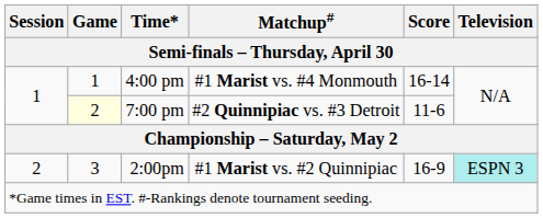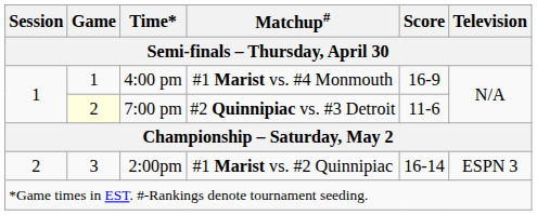 <table class="wikitable" style="font-size: 95%">
 <tr>
 <th>Session</th>
 <th>Game</th>
 <th>Time*</th>
 <th>Matchup<sup>#</sup></th>
 <th>Score</th>
 <th>Television</th>
 </tr>
 <tr>
 <th colspan=6>Semi-finals – Thursday, April 30</th>
 </tr>
 <tr>
 <td rowspan=2 align=center>1</td>
 <td align=center>1</td>
 <td align=right>4:00 pm</td>
 <td align=center>#1 <strong>Marist</strong> vs. #4 Monmouth</td>
-<td align=center>16-14</td>
+<td align=center>16-9</td>
 <td rowspan=2 align=center>N/A</td>
 </tr>
 <tr>
 <td align=center style="background: lightyellow;">2</td>
 <td align=right>7:00 pm</td>
 <td align=center>#2 <strong>Quinnipiac</strong> vs. #3 Detroit</td>
 <td align=center>11-6</td>
 </tr>
 <tr>
 <th colspan=6>Championship – Saturday, May 2</th>
 </tr>
 <tr>
 <td rowspan=1 align=center>2</td>
 <td align=center>3</td>
 <td align=right>2:00pm</td>
 <td align=center>#1 <strong>Marist</strong> vs. #2 Quinnipiac</td>
-<td align=center>16-9</td>
-<td rowspan=1 align=center style="background: paleturquoise;">ESPN 3</td>
+<td align=center>16-14</td>
+<td rowspan=1 align=center>ESPN 3</td>
 </tr>
 <tr>
 <td colspan=6><small>*Game times in <a href='#'>EST</a>. #-Rankings denote tournament seeding.</small></td>
 </tr>
 </table>
